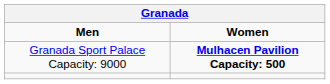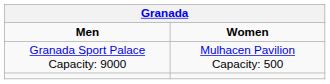 <table class="wikitable" style="text-align:center;" width=440px>
 <tr>
 <th colspan=2><a href='#'>Granada</a></th>
 </tr>
 <tr>
 <td width=220px><strong>Men</strong></td>
 <td><strong>Women</strong></td>
 </tr>
 <tr>
 <td><a href='#'>Granada Sport Palace</a><br>Capacity: 9000</td>
-<td><strong><a href='#'>Mulhacen Pavilion</a><br>Capacity: 500</strong></td>
+<td><a href='#'>Mulhacen Pavilion</a><br>Capacity: 500</td>
 </tr>
 <tr>
 <td></td>
 <td></td>
 </tr>
 </table>
